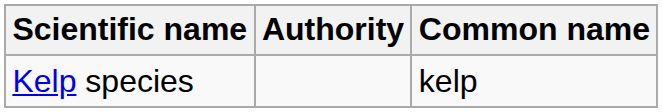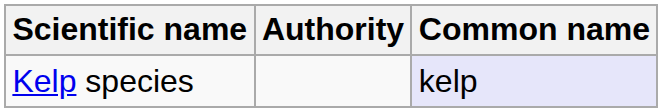 <table class="wikitable sortable">
 <tr>
 <th>Scientific name</th>
 <th>Authority</th>
 <th>Common name</th>
 </tr>
 <tr>
 <td><a href='#'>Kelp</a> species</td>
 <td></td>
-<td>kelp</td>
+<td style="background: lavender;">kelp</td>
 </tr>
 <tr>
 </tr>
 </table>
